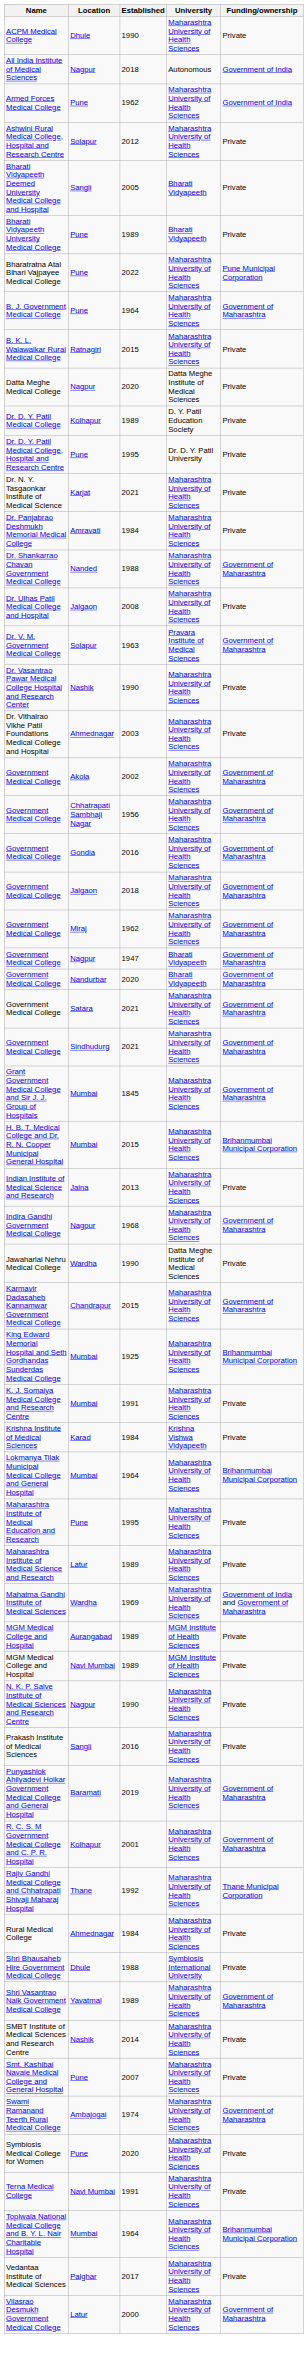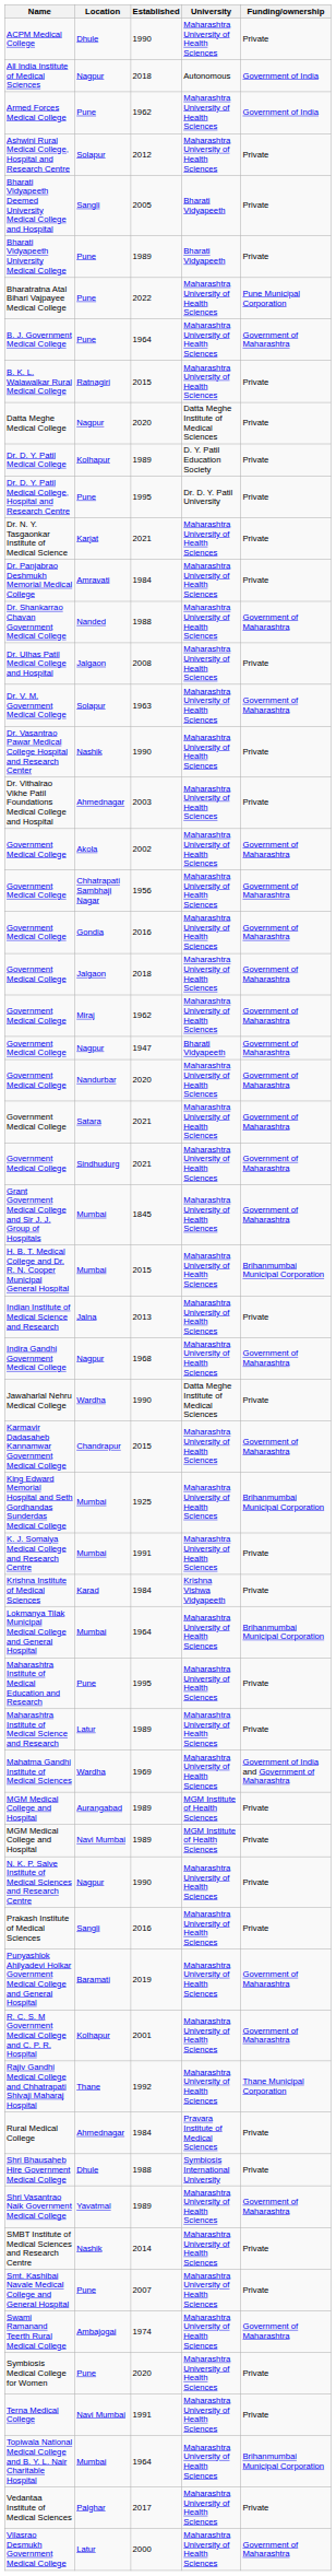 <table class="wikitable sortable" style="width:100%">
 <tr>
 <th>Name</th>
 <th>Location</th>
 <th>Established</th>
 <th>University</th>
 <th>Funding/ownership</th>
 </tr>
 <tr>
 <td><a href='#'>ACPM Medical College</a></td>
 <td><a href='#'>Dhule</a></td>
 <td>1990</td>
 <td><a href='#'>Maharashtra University of Health Sciences</a></td>
 <td>Private</td>
 </tr>
 <tr>
 <td><a href='#'>All India Institute of Medical Sciences</a></td>
 <td><a href='#'>Nagpur</a></td>
 <td>2018</td>
 <td>Autonomous</td>
 <td><a href='#'>Government of India</a></td>
 </tr>
 <tr>
 <td><a href='#'>Armed Forces Medical College</a></td>
 <td><a href='#'>Pune</a></td>
 <td>1962</td>
 <td><a href='#'>Maharashtra University of Health Sciences</a></td>
 <td><a href='#'>Government of India</a></td>
 </tr>
 <tr>
 <td><a href='#'>Ashwini Rural Medical College, Hospital and Research Centre</a></td>
 <td><a href='#'>Solapur</a></td>
 <td>2012</td>
 <td><a href='#'>Maharashtra University of Health Sciences</a></td>
 <td>Private</td>
 </tr>
 <tr>
 <td><a href='#'>Bharati Vidyapeeth Deemed University Medical College and Hospital</a></td>
 <td><a href='#'>Sangli</a></td>
 <td>2005</td>
 <td><a href='#'>Bharati Vidyapeeth</a></td>
 <td>Private</td>
 </tr>
 <tr>
 <td><a href='#'>Bharati Vidyapeeth University Medical College</a></td>
 <td><a href='#'>Pune</a></td>
 <td>1989</td>
 <td><a href='#'>Bharati Vidyapeeth</a></td>
 <td>Private</td>
 </tr>
 <tr>
 <td>Bharatratna Atal Bihari Vajpayee Medical College</td>
 <td><a href='#'>Pune</a></td>
 <td>2022</td>
 <td><a href='#'>Maharashtra University of Health Sciences</a></td>
 <td><a href='#'>Pune Municipal Corporation</a></td>
 </tr>
 <tr>
 <td><a href='#'>B. J. Government Medical College</a></td>
 <td><a href='#'>Pune</a></td>
 <td>1964</td>
 <td><a href='#'>Maharashtra University of Health Sciences</a></td>
 <td><a href='#'>Government of Maharashtra</a></td>
 </tr>
 <tr>
 <td><a href='#'>B. K. L. Walawalkar Rural Medical College</a></td>
 <td><a href='#'>Ratnagiri</a></td>
 <td>2015</td>
 <td><a href='#'>Maharashtra University of Health Sciences</a></td>
 <td>Private</td>
 </tr>
 <tr>
 <td>Datta Meghe Medical College</td>
 <td><a href='#'>Nagpur</a></td>
 <td>2020</td>
 <td>Datta Meghe Institute of Medical Sciences</td>
 <td>Private</td>
 </tr>
 <tr>
 <td><a href='#'>Dr. D. Y. Patil Medical College</a></td>
 <td><a href='#'>Kolhapur</a></td>
 <td>1989</td>
 <td>D. Y. Patil Education Society</td>
 <td>Private</td>
 </tr>
 <tr>
 <td><a href='#'>Dr. D. Y. Patil Medical College, Hospital and Research Centre</a></td>
 <td><a href='#'>Pune</a></td>
 <td>1995</td>
 <td>Dr. D. Y. Patil University</td>
 <td>Private</td>
 </tr>
 <tr>
 <td>Dr. N. Y. Tasgaonkar Institute of Medical Science</td>
 <td><a href='#'>Karjat</a></td>
 <td>2021</td>
 <td><a href='#'>Maharashtra University of Health Sciences</a></td>
 <td>Private</td>
 </tr>
 <tr>
 <td><a href='#'>Dr. Panjabrao Deshmukh Memorial Medical College</a></td>
 <td><a href='#'>Amravati</a></td>
 <td>1984</td>
 <td><a href='#'>Maharashtra University of Health Sciences</a></td>
 <td>Private</td>
 </tr>
 <tr>
 <td><a href='#'>Dr. Shankarrao Chavan Government Medical College</a></td>
 <td><a href='#'>Nanded</a></td>
 <td>1988</td>
 <td><a href='#'>Maharashtra University of Health Sciences</a></td>
 <td><a href='#'>Government of Maharashtra</a></td>
 </tr>
 <tr>
 <td><a href='#'>Dr. Ulhas Patil Medical College and Hospital</a></td>
 <td><a href='#'>Jalgaon</a></td>
 <td>2008</td>
 <td><a href='#'>Maharashtra University of Health Sciences</a></td>
 <td>Private</td>
 </tr>
 <tr>
 <td><a href='#'>Dr. V. M. Government Medical College</a></td>
 <td><a href='#'>Solapur</a></td>
 <td>1963</td>
-<td><a href='#'>Pravara Institute of Medical Sciences</a></td>
+<td><a href='#'>Maharashtra University of Health Sciences</a></td>
 <td><a href='#'>Government of Maharashtra</a></td>
 </tr>
 <tr>
 <td><a href='#'>Dr. Vasantrao Pawar Medical College Hospital and Research Center</a></td>
 <td><a href='#'>Nashik</a></td>
 <td>1990</td>
 <td><a href='#'>Maharashtra University of Health Sciences</a></td>
 <td>Private</td>
 </tr>
 <tr>
 <td>Dr. Vithalrao Vikhe Patil Foundations Medical College and Hospital</td>
 <td><a href='#'>Ahmednagar</a></td>
 <td>2003</td>
 <td><a href='#'>Maharashtra University of Health Sciences</a></td>
 <td>Private</td>
 </tr>
 <tr>
 <td><a href='#'>Government Medical College</a></td>
 <td><a href='#'>Akola</a></td>
 <td>2002</td>
 <td><a href='#'>Maharashtra University of Health Sciences</a></td>
 <td><a href='#'>Government of Maharashtra</a></td>
 </tr>
 <tr>
 <td><a href='#'>Government Medical College</a></td>
 <td><a href='#'>Chhatrapati Sambhaji Nagar</a></td>
 <td>1956</td>
 <td><a href='#'>Maharashtra University of Health Sciences</a></td>
 <td><a href='#'>Government of Maharashtra</a></td>
 </tr>
 <tr>
 <td><a href='#'>Government Medical College</a></td>
 <td><a href='#'>Gondia</a></td>
 <td>2016</td>
 <td><a href='#'>Maharashtra University of Health Sciences</a></td>
 <td><a href='#'>Government of Maharashtra</a></td>
 </tr>
 <tr>
 <td><a href='#'>Government Medical College</a></td>
 <td><a href='#'>Jalgaon</a></td>
 <td>2018</td>
 <td><a href='#'>Maharashtra University of Health Sciences</a></td>
 <td><a href='#'>Government of Maharashtra</a></td>
 </tr>
 <tr>
 <td><a href='#'>Government Medical College</a></td>
 <td><a href='#'>Miraj</a></td>
 <td>1962</td>
 <td><a href='#'>Maharashtra University of Health Sciences</a></td>
 <td><a href='#'>Government of Maharashtra</a></td>
 </tr>
 <tr>
 <td><a href='#'>Government Medical College</a></td>
 <td><a href='#'>Nagpur</a></td>
 <td>1947</td>
 <td><a href='#'>Bharati Vidyapeeth</a></td>
 <td><a href='#'>Government of Maharashtra</a></td>
 </tr>
 <tr>
 <td><a href='#'>Government Medical College</a></td>
 <td><a href='#'>Nandurbar</a></td>
 <td>2020</td>
-<td><a href='#'>Bharati Vidyapeeth</a></td>
+<td><a href='#'>Maharashtra University of Health Sciences</a></td>
 <td><a href='#'>Government of Maharashtra</a></td>
 </tr>
 <tr>
 <td>Government Medical College</td>
 <td><a href='#'>Satara</a></td>
 <td>2021</td>
 <td><a href='#'>Maharashtra University of Health Sciences</a></td>
 <td><a href='#'>Government of Maharashtra</a></td>
 </tr>
 <tr>
 <td><a href='#'>Government Medical College</a></td>
 <td><a href='#'>Sindhudurg</a></td>
 <td>2021</td>
 <td><a href='#'>Maharashtra University of Health Sciences</a></td>
 <td><a href='#'>Government of Maharashtra</a></td>
 </tr>
 <tr>
 <td><a href='#'>Grant Government Medical College and Sir J. J. Group of Hospitals</a></td>
 <td><a href='#'>Mumbai</a></td>
 <td>1845</td>
 <td><a href='#'>Maharashtra University of Health Sciences</a></td>
 <td><a href='#'>Government of Maharashtra</a></td>
 </tr>
 <tr>
 <td><a href='#'>H. B. T. Medical College and Dr. R. N. Cooper Municipal General Hospital</a></td>
 <td><a href='#'>Mumbai</a></td>
 <td>2015</td>
 <td><a href='#'>Maharashtra University of Health Sciences</a></td>
 <td><a href='#'>Brihanmumbai Municipal Corporation</a></td>
 </tr>
 <tr>
 <td><a href='#'>Indian Institute of Medical Science and Research</a></td>
 <td><a href='#'>Jalna</a></td>
 <td>2013</td>
 <td><a href='#'>Maharashtra University of Health Sciences</a></td>
 <td>Private</td>
 </tr>
 <tr>
 <td><a href='#'>Indira Gandhi Government Medical College</a></td>
 <td><a href='#'>Nagpur</a></td>
 <td>1968</td>
 <td><a href='#'>Maharashtra University of Health Sciences</a></td>
 <td><a href='#'>Government of Maharashtra</a></td>
 </tr>
 <tr>
 <td>Jawaharlal Nehru Medical College</td>
 <td><a href='#'>Wardha</a></td>
 <td>1990</td>
 <td>Datta Meghe Institute of Medical Sciences</td>
 <td>Private</td>
 </tr>
 <tr>
 <td><a href='#'>Karmavir Dadasaheb Kannamwar Government Medical College</a></td>
 <td><a href='#'>Chandrapur</a></td>
 <td>2015</td>
 <td><a href='#'>Maharashtra University of Health Sciences</a></td>
 <td><a href='#'>Government of Maharashtra</a></td>
 </tr>
 <tr>
 <td><a href='#'>King Edward Memorial Hospital and Seth Gordhandas Sunderdas Medical College</a></td>
 <td><a href='#'>Mumbai</a></td>
 <td>1925</td>
 <td><a href='#'>Maharashtra University of Health Sciences</a></td>
 <td><a href='#'>Brihanmumbai Municipal Corporation</a></td>
 </tr>
 <tr>
 <td><a href='#'>K. J. Somaiya Medical College and Research Centre</a></td>
 <td><a href='#'>Mumbai</a></td>
 <td>1991</td>
 <td><a href='#'>Maharashtra University of Health Sciences</a></td>
 <td>Private</td>
 </tr>
 <tr>
 <td><a href='#'>Krishna Institute of Medical Sciences</a></td>
 <td><a href='#'>Karad</a></td>
 <td>1984</td>
 <td><a href='#'>Krishna Vishwa Vidyapeeth</a></td>
 <td>Private</td>
 </tr>
 <tr>
 <td><a href='#'>Lokmanya Tilak Municipal Medical College and General Hospital</a></td>
 <td><a href='#'>Mumbai</a></td>
 <td>1964</td>
 <td><a href='#'>Maharashtra University of Health Sciences</a></td>
 <td><a href='#'>Brihanmumbai Municipal Corporation</a></td>
 </tr>
 <tr>
 <td><a href='#'>Maharashtra Institute of Medical Education and Research</a></td>
 <td><a href='#'>Pune</a></td>
 <td>1995</td>
 <td><a href='#'>Maharashtra University of Health Sciences</a></td>
 <td>Private</td>
 </tr>
 <tr>
 <td><a href='#'>Maharashtra Institute of Medical Science and Research</a></td>
 <td><a href='#'>Latur</a></td>
 <td>1989</td>
 <td><a href='#'>Maharashtra University of Health Sciences</a></td>
 <td>Private</td>
 </tr>
 <tr>
 <td><a href='#'>Mahatma Gandhi Institute of Medical Sciences</a></td>
 <td><a href='#'>Wardha</a></td>
 <td>1969</td>
 <td><a href='#'>Maharashtra University of Health Sciences</a></td>
 <td><a href='#'>Government of India</a> and <a href='#'>Government of Maharashtra</a></td>
 </tr>
 <tr>
 <td><a href='#'>MGM Medical College and Hospital</a></td>
 <td><a href='#'>Aurangabad</a></td>
 <td>1989</td>
 <td><a href='#'>MGM Institute of Health Sciences</a></td>
 <td>Private</td>
 </tr>
 <tr>
 <td>MGM Medical College and Hospital</td>
 <td><a href='#'>Navi Mumbai</a></td>
 <td>1989</td>
 <td><a href='#'>MGM Institute of Health Sciences</a></td>
 <td>Private</td>
 </tr>
 <tr>
 <td><a href='#'>N. K. P. Salve Institute of Medical Sciences and Research Centre</a></td>
 <td><a href='#'>Nagpur</a></td>
 <td>1990</td>
 <td><a href='#'>Maharashtra University of Health Sciences</a></td>
 <td>Private</td>
 </tr>
 <tr>
 <td>Prakash Institute of Medical Sciences</td>
 <td><a href='#'>Sangli</a></td>
 <td>2016</td>
 <td><a href='#'>Maharashtra University of Health Sciences</a></td>
 <td>Private</td>
 </tr>
 <tr>
 <td><a href='#'>Punyashlok Ahilyadevi Holkar Government Medical College and General Hospital</a></td>
 <td><a href='#'>Baramati</a></td>
 <td>2019</td>
 <td><a href='#'>Maharashtra University of Health Sciences</a></td>
 <td><a href='#'>Government of Maharashtra</a></td>
 </tr>
 <tr>
 <td><a href='#'>R. C. S. M Government Medical College and C. P. R. Hospital</a></td>
 <td><a href='#'>Kolhapur</a></td>
 <td>2001</td>
 <td><a href='#'>Maharashtra University of Health Sciences</a></td>
 <td><a href='#'>Government of Maharashtra</a></td>
 </tr>
 <tr>
 <td><a href='#'>Rajiv Gandhi Medical College and Chhatrapati Shivaji Maharaj Hospital</a></td>
 <td><a href='#'>Thane</a></td>
 <td>1992</td>
 <td><a href='#'>Maharashtra University of Health Sciences</a></td>
 <td><a href='#'>Thane Municipal Corporation</a></td>
 </tr>
 <tr>
 <td>Rural Medical College</td>
 <td><a href='#'>Ahmednagar</a></td>
 <td>1984</td>
-<td><a href='#'>Maharashtra University of Health Sciences</a></td>
+<td><a href='#'>Pravara Institute of Medical Sciences</a></td>
 <td>Private</td>
 </tr>
 <tr>
 <td><a href='#'>Shri Bhausaheb Hire Government Medical College</a></td>
 <td><a href='#'>Dhule</a></td>
 <td>1988</td>
 <td><a href='#'>Symbiosis International University</a></td>
 <td>Private</td>
 </tr>
 <tr>
 <td><a href='#'>Shri Vasantrao Naik Government Medical College</a></td>
 <td><a href='#'>Yavatmal</a></td>
 <td>1989</td>
 <td><a href='#'>Maharashtra University of Health Sciences</a></td>
 <td><a href='#'>Government of Maharashtra</a></td>
 </tr>
 <tr>
 <td>SMBT Institute of Medical Sciences and Research Centre</td>
 <td><a href='#'>Nashik</a></td>
 <td>2014</td>
 <td><a href='#'>Maharashtra University of Health Sciences</a></td>
 <td>Private</td>
 </tr>
 <tr>
 <td><a href='#'>Smt. Kashibai Navale Medical College and General Hospital</a></td>
 <td><a href='#'>Pune</a></td>
 <td>2007</td>
 <td><a href='#'>Maharashtra University of Health Sciences</a></td>
 <td>Private</td>
 </tr>
 <tr>
 <td><a href='#'>Swami Ramanand Teerth Rural Medical College</a></td>
 <td><a href='#'>Ambajogai</a></td>
 <td>1974</td>
 <td><a href='#'>Maharashtra University of Health Sciences</a></td>
 <td><a href='#'>Government of Maharashtra</a></td>
 </tr>
 <tr>
 <td>Symbiosis Medical College for Women</td>
 <td><a href='#'>Pune</a></td>
 <td>2020</td>
 <td><a href='#'>Maharashtra University of Health Sciences</a></td>
 <td>Private</td>
 </tr>
 <tr>
 <td><a href='#'>Terna Medical College</a></td>
 <td><a href='#'>Navi Mumbai</a></td>
 <td>1991</td>
 <td><a href='#'>Maharashtra University of Health Sciences</a></td>
 <td>Private</td>
 </tr>
 <tr>
 <td><a href='#'>Topiwala National Medical College and B. Y. L. Nair Charitable Hospital</a></td>
 <td><a href='#'>Mumbai</a></td>
 <td>1964</td>
 <td><a href='#'>Maharashtra University of Health Sciences</a></td>
 <td><a href='#'>Brihanmumbai Municipal Corporation</a></td>
 </tr>
 <tr>
 <td>Vedantaa Institute of Medical Sciences</td>
 <td><a href='#'>Palghar</a></td>
 <td>2017</td>
 <td><a href='#'>Maharashtra University of Health Sciences</a></td>
 <td>Private</td>
 </tr>
 <tr>
 <td><a href='#'>Vilasrao Desmukh Government Medical College</a></td>
 <td><a href='#'>Latur</a></td>
 <td>2000</td>
 <td><a href='#'>Maharashtra University of Health Sciences</a></td>
 <td><a href='#'>Government of Maharashtra</a></td>
 </tr>
 </table>
